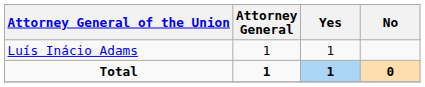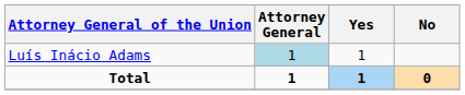 <table class="wikitable">
 <tr>
 <th><a href='#'>Attorney General of the Union</a></th>
 <th width="55pt">Attorney General</th>
 <th width="55pt">Yes</th>
 <th width="55pt">No</th>
 </tr>
 <tr>
 <td align="left"><a href='#'>Luís Inácio Adams</a></td>
-<td align="center">1</td>
+<td align="center" style="background: lightblue;">1</td>
 <td align="center">1</td>
 <td align="center"></td>
 </tr>
 <tr>
 <td align="center"><strong>Total</strong></td>
 <td align="center"><strong>1</strong></td>
 <td align="center" bgcolor="#abd5f5"><strong>1</strong></td>
 <td align="center" bgcolor="#FFDEAD"><strong>0</strong></td>
 </tr>
 <tr>
 </tr>
 </table>
